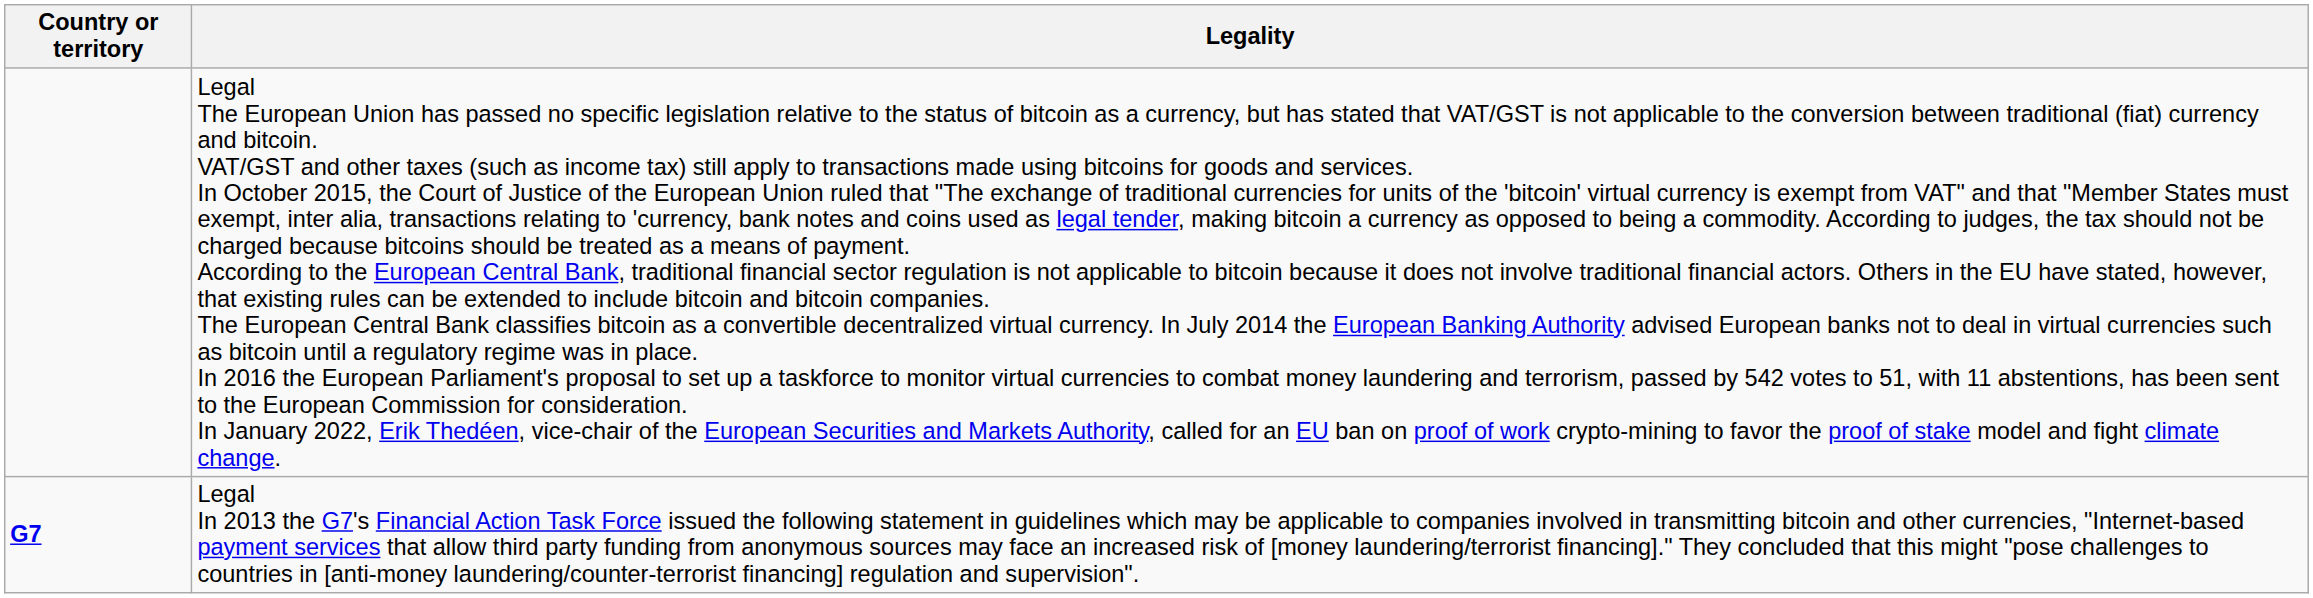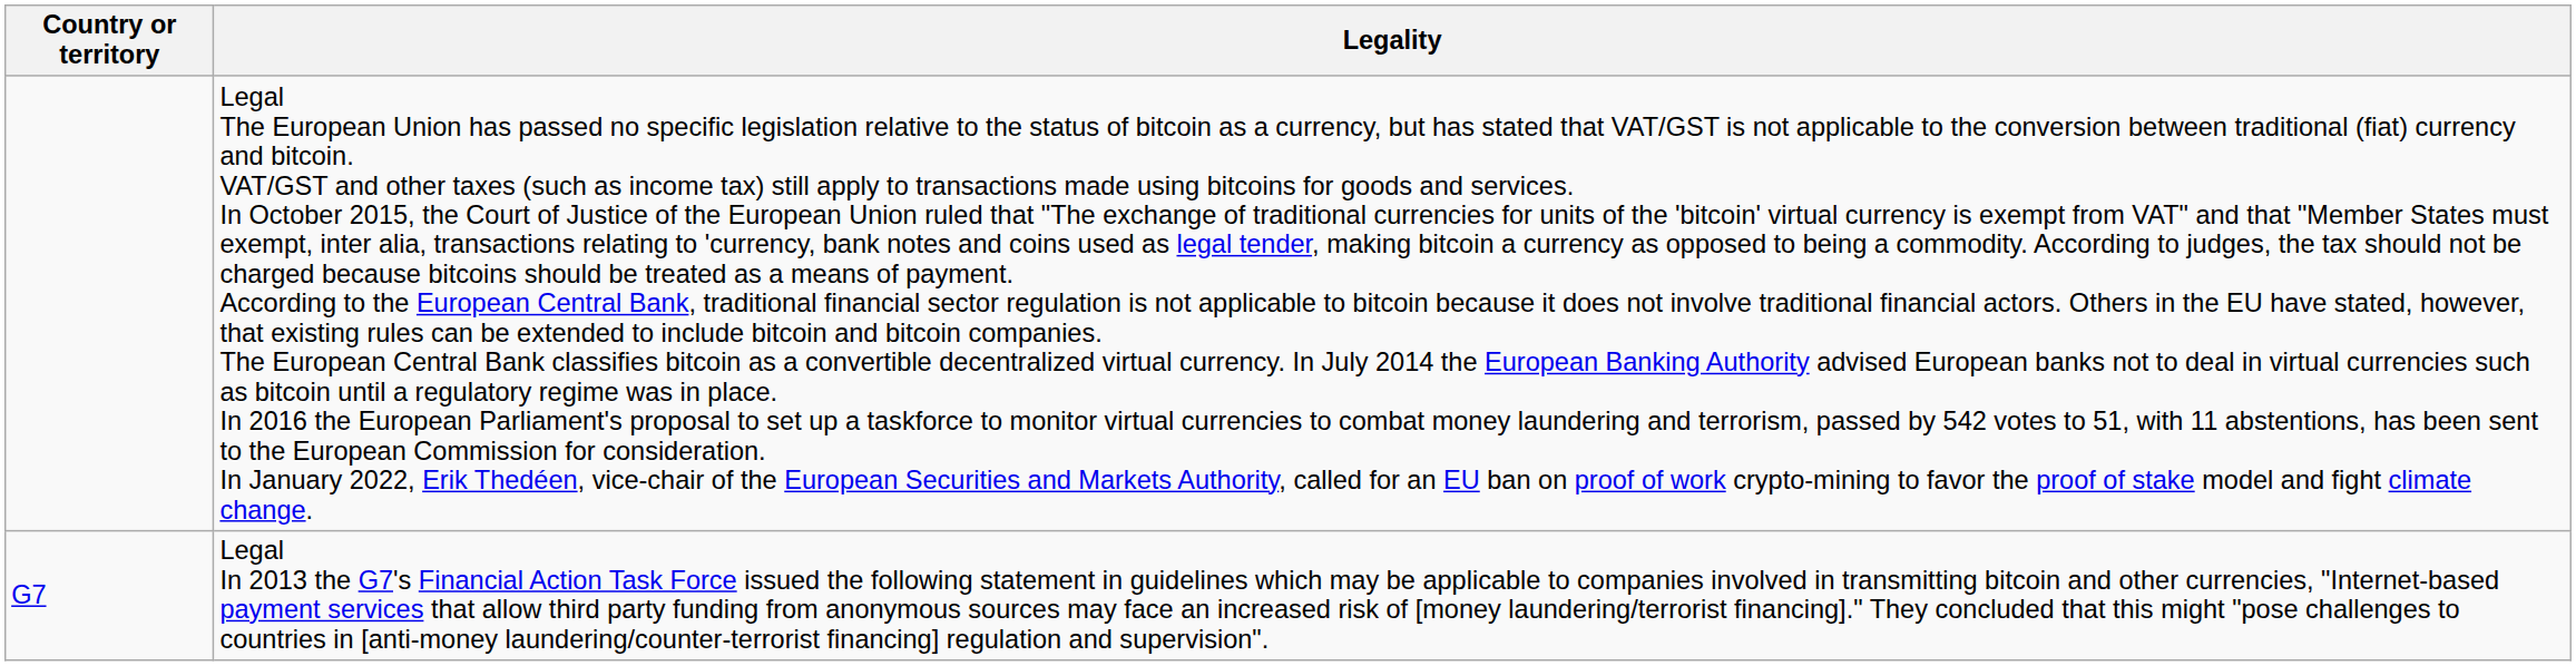 <table class="wikitable sortable" style="text-align:left">
 <tr>
 <th style="width:120px;"><strong>Country or territory</strong></th>
 <th><strong>Legality</strong></th>
 </tr>
 <tr>
 <td></td>
 <td> Legal<br>The European Union has passed no specific legislation relative to the status of bitcoin as a currency, but has stated that VAT/GST is not applicable to the conversion between traditional (fiat) currency and bitcoin.<br>VAT/GST and other taxes (such as income tax) still apply to transactions made using bitcoins for goods and services. <br>In October 2015, the Court of Justice of the European Union ruled that "The exchange of traditional currencies for units of the 'bitcoin' virtual currency is exempt from VAT" and that "Member States must exempt, inter alia, transactions relating to 'currency, bank notes and coins used as <a href='#'>legal tender</a>, making bitcoin a currency as opposed to being a commodity. According to judges, the tax should not be charged because bitcoins should be treated as a means of payment.<br>According to the <a href='#'>European Central Bank</a>, traditional financial sector regulation is not applicable to bitcoin because it does not involve traditional financial actors. Others in the EU have stated, however, that existing rules can be extended to include bitcoin and bitcoin companies.<br>The European Central Bank classifies bitcoin as a convertible decentralized virtual currency. In July 2014 the <a href='#'>European Banking Authority</a> advised European banks not to deal in virtual currencies such as bitcoin until a regulatory regime was in place.<br>In 2016 the European Parliament's proposal to set up a taskforce to monitor virtual currencies to combat money laundering and terrorism, passed by 542 votes to 51, with 11 abstentions, has been sent to the European Commission for consideration.<br>In January 2022, <a href='#'>Erik Thedéen</a>, vice-chair of the <a href='#'>European Securities and Markets Authority</a>, called for an <a href='#'>EU</a> ban on <a href='#'>proof of work</a> crypto-mining to favor the <a href='#'>proof of stake</a> model and fight <a href='#'>climate change</a>.</td>
 </tr>
 <tr>
-<td><strong><a href='#'>G7</a></strong></td>
+<td><a href='#'>G7</a></td>
 <td> Legal<br>In 2013 the <a href='#'>G7</a>'s <a href='#'>Financial Action Task Force</a> issued the following statement in guidelines which may be applicable to companies involved in transmitting bitcoin and other currencies, "Internet-based <a href='#'>payment services</a> that allow third party funding from anonymous sources may face an increased risk of [money laundering/terrorist financing]." They concluded that this might "pose challenges to countries in [anti-money laundering/counter-terrorist financing] regulation and supervision".</td>
 </tr>
 </table>
